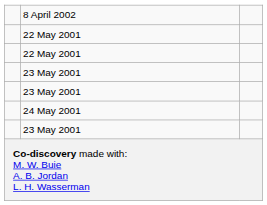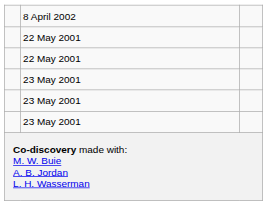 <table class="wikitable" style="font-size: 89%; float: left; width: 26em; margin-right: 1em; height: 280px;">
 <tr>
 <td><strong></strong></td>
 <td>8 April 2002</td>
 <td> </td>
 </tr>
 <tr>
 <td></td>
 <td>22 May 2001</td>
 <td> </td>
 </tr>
 <tr>
 <td></td>
 <td>22 May 2001</td>
 <td> </td>
 </tr>
 <tr>
 <td></td>
 <td>23 May 2001</td>
 <td> </td>
 </tr>
 <tr>
 <td></td>
 <td>23 May 2001</td>
 <td> </td>
 </tr>
 <tr>
 <td></td>
-<td>24 May 2001</td>
-<td> </td>
-</tr>
-<tr>
-<td></td>
 <td>23 May 2001</td>
 <td> </td>
 </tr>
 <tr>
 <th colspan=3 style="font-weight: normal; text-align: left; padding: 4px 12px;"><strong>Co-discovery</strong> made with:<br> <a href='#'>M. W. Buie</a><br> <a href='#'>A. B. Jordan</a><br> <a href='#'>L. H. Wasserman</a></th>
 </tr>
 </table>
